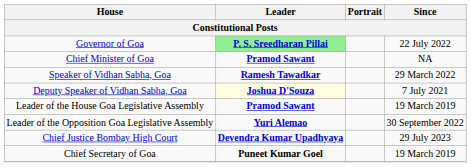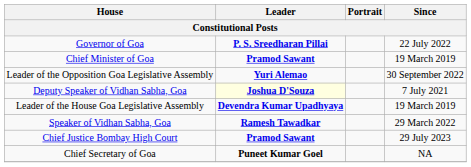 <table class="wikitable" style="text-align:center">
 <tr>
 <th Style="background-color:">House</th>
 <th Style="background-color:">Leader</th>
 <th Style="background-color:">Portrait</th>
 <th Style="background-color:">Since</th>
 </tr>
 <tr>
 <th colspan=4>Constitutional Posts</th>
 </tr>
 <tr>
 <td><a href='#'>Governor of Goa</a></td>
-<td style="background: lightgreen;"><strong><a href='#'>P. S. Sreedharan Pillai</a></strong></td>
+<td><strong><a href='#'>P. S. Sreedharan Pillai</a></strong></td>
 <td></td>
 <td>22 July 2022</td>
 </tr>
 <tr>
 <td><a href='#'>Chief Minister of Goa</a></td>
-<td><strong><a href='#'>Pramod Sawant</a></strong></td>
-<td></td>
-<td>NA</td>
-</tr>
-<tr>
-<td><a href='#'>Speaker of Vidhan Sabha, Goa</a></td>
-<td><strong><a href='#'>Ramesh Tawadkar</a></strong></td>
-<td></td>
-<td>29 March 2022</td>
-</tr>
-<tr>
-<td><a href='#'>Deputy Speaker of Vidhan Sabha, Goa</a></td>
-<td style="background: lightyellow;"><strong><a href='#'>Joshua D'Souza</a></strong></td>
-<td></td>
-<td>7 July 2021</td>
-</tr>
-<tr>
-<td>Leader of the House Goa Legislative Assembly</td>
 <td><strong><a href='#'>Pramod Sawant</a></strong></td>
 <td></td>
 <td>19 March 2019</td>
 </tr>
 <tr>
 <td>Leader of the Opposition Goa Legislative Assembly</td>
 <td><strong><a href='#'>Yuri Alemao</a></strong></td>
 <td></td>
 <td>30 September 2022</td>
 </tr>
 <tr>
+<td><a href='#'>Deputy Speaker of Vidhan Sabha, Goa</a></td>
+<td style="background: lightyellow;"><strong><a href='#'>Joshua D'Souza</a></strong></td>
+<td></td>
+<td>7 July 2021</td>
+</tr>
+<tr>
+<td>Leader of the House Goa Legislative Assembly</td>
+<td><strong><a href='#'>Devendra Kumar Upadhyaya</a></strong></td>
+<td></td>
+<td>19 March 2019</td>
+</tr>
+<tr>
+<td><a href='#'>Speaker of Vidhan Sabha, Goa</a></td>
+<td><strong><a href='#'>Ramesh Tawadkar</a></strong></td>
+<td></td>
+<td>29 March 2022</td>
+</tr>
+<tr>
 <td><a href='#'>Chief Justice Bombay High Court</a></td>
-<td><strong><a href='#'>Devendra Kumar Upadhyaya</a></strong></td>
+<td><strong><a href='#'>Pramod Sawant</a></strong></td>
 <td></td>
 <td>29 July 2023</td>
 </tr>
 <tr>
 <td>Chief Secretary of Goa</td>
 <td><strong>Puneet Kumar Goel</strong></td>
 <td></td>
-<td>19 March 2019</td>
+<td>NA</td>
 </tr>
 <tr>
 </tr>
 </table>
